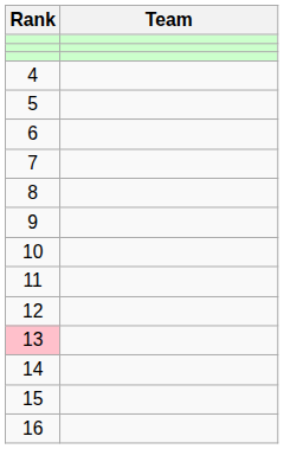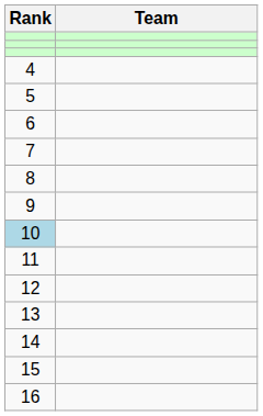 <table class="wikitable" style="text-align: center;">
 <tr>
 <th width=40>Rank</th>
 <th width=180>Team</th>
 </tr>
 <tr bgcolor=#CCFFCC>
 <td></td>
 <td style="text-align:left;"></td>
 </tr>
 <tr bgcolor=#CCFFCC>
 <td></td>
 <td style="text-align:left;"></td>
 </tr>
 <tr bgcolor=#CCFFCC>
 <td></td>
 <td style="text-align:left;"></td>
 </tr>
 <tr align=center>
 <td>4</td>
 <td style="text-align:left;"></td>
 </tr>
 <tr align=center>
 <td>5</td>
 <td style="text-align:left;"></td>
 </tr>
 <tr align=center>
 <td>6</td>
 <td style="text-align:left;"></td>
 </tr>
 <tr align=center>
 <td>7</td>
 <td style="text-align:left;"></td>
 </tr>
 <tr align=center>
 <td>8</td>
 <td style="text-align:left;"></td>
 </tr>
 <tr align=center>
 <td>9</td>
 <td style="text-align:left;"></td>
 </tr>
 <tr align=center>
-<td>10</td>
+<td style="background: lightblue;">10</td>
 <td style="text-align:left;"></td>
 </tr>
 <tr align=center>
 <td>11</td>
 <td style="text-align:left;"></td>
 </tr>
 <tr align=center>
 <td>12</td>
 <td style="text-align:left;"></td>
 </tr>
 <tr align=center>
-<td style="background: pink;">13</td>
+<td>13</td>
 <td style="text-align:left;"></td>
 </tr>
 <tr align=center>
 <td>14</td>
 <td style="text-align:left;"></td>
 </tr>
 <tr align=center>
 <td>15</td>
 <td style="text-align:left;"></td>
 </tr>
 <tr align=center>
 <td>16</td>
 <td style="text-align:left;"></td>
 </tr>
 </table>
